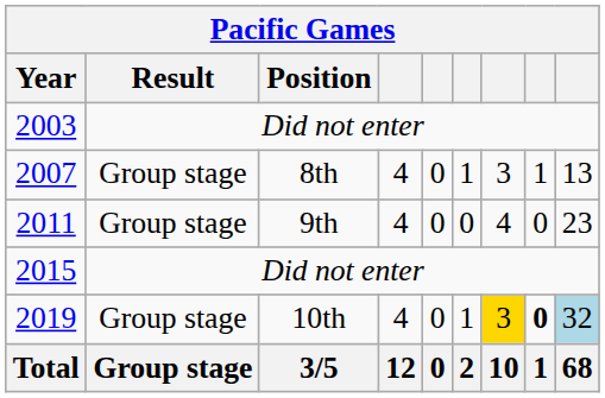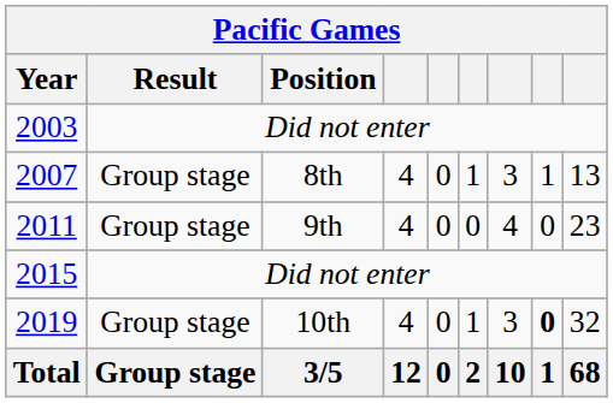 <table class="wikitable" style="text-align:center;">
 <tr>
 <th colspan="9"><a href='#'>Pacific Games</a></th>
 </tr>
 <tr>
 <th>Year</th>
 <th>Result</th>
 <th>Position</th>
 <th></th>
 <th></th>
 <th></th>
 <th></th>
 <th></th>
 <th></th>
 </tr>
 <tr>
 <td> <a href='#'>2003</a></td>
 <td colspan="8"><em>Did not enter</em></td>
 </tr>
 <tr>
 <td> <a href='#'>2007</a></td>
 <td>Group stage</td>
 <td>8th</td>
 <td>4</td>
 <td>0</td>
 <td>1</td>
 <td>3</td>
 <td>1</td>
 <td>13</td>
 </tr>
 <tr>
 <td> <a href='#'>2011</a></td>
 <td>Group stage</td>
 <td>9th</td>
 <td>4</td>
 <td>0</td>
 <td>0</td>
 <td>4</td>
 <td>0</td>
 <td>23</td>
 </tr>
 <tr>
 <td> <a href='#'>2015</a></td>
 <td colspan="8"><em>Did not enter</em></td>
 </tr>
 <tr>
 <td> <a href='#'>2019</a></td>
 <td>Group stage</td>
 <td>10th</td>
 <td>4</td>
 <td>0</td>
 <td>1</td>
-<td style="background: gold;">3</td>
+<td>3</td>
 <td><strong>0</strong></td>
-<td style="background: lightblue;">32</td>
+<td>32</td>
 </tr>
 <tr>
 <th>Total</th>
 <th>Group stage</th>
 <th>3/5</th>
 <th>12</th>
 <th>0</th>
 <th>2</th>
 <th>10</th>
 <th>1</th>
 <th>68</th>
 </tr>
 </table>
